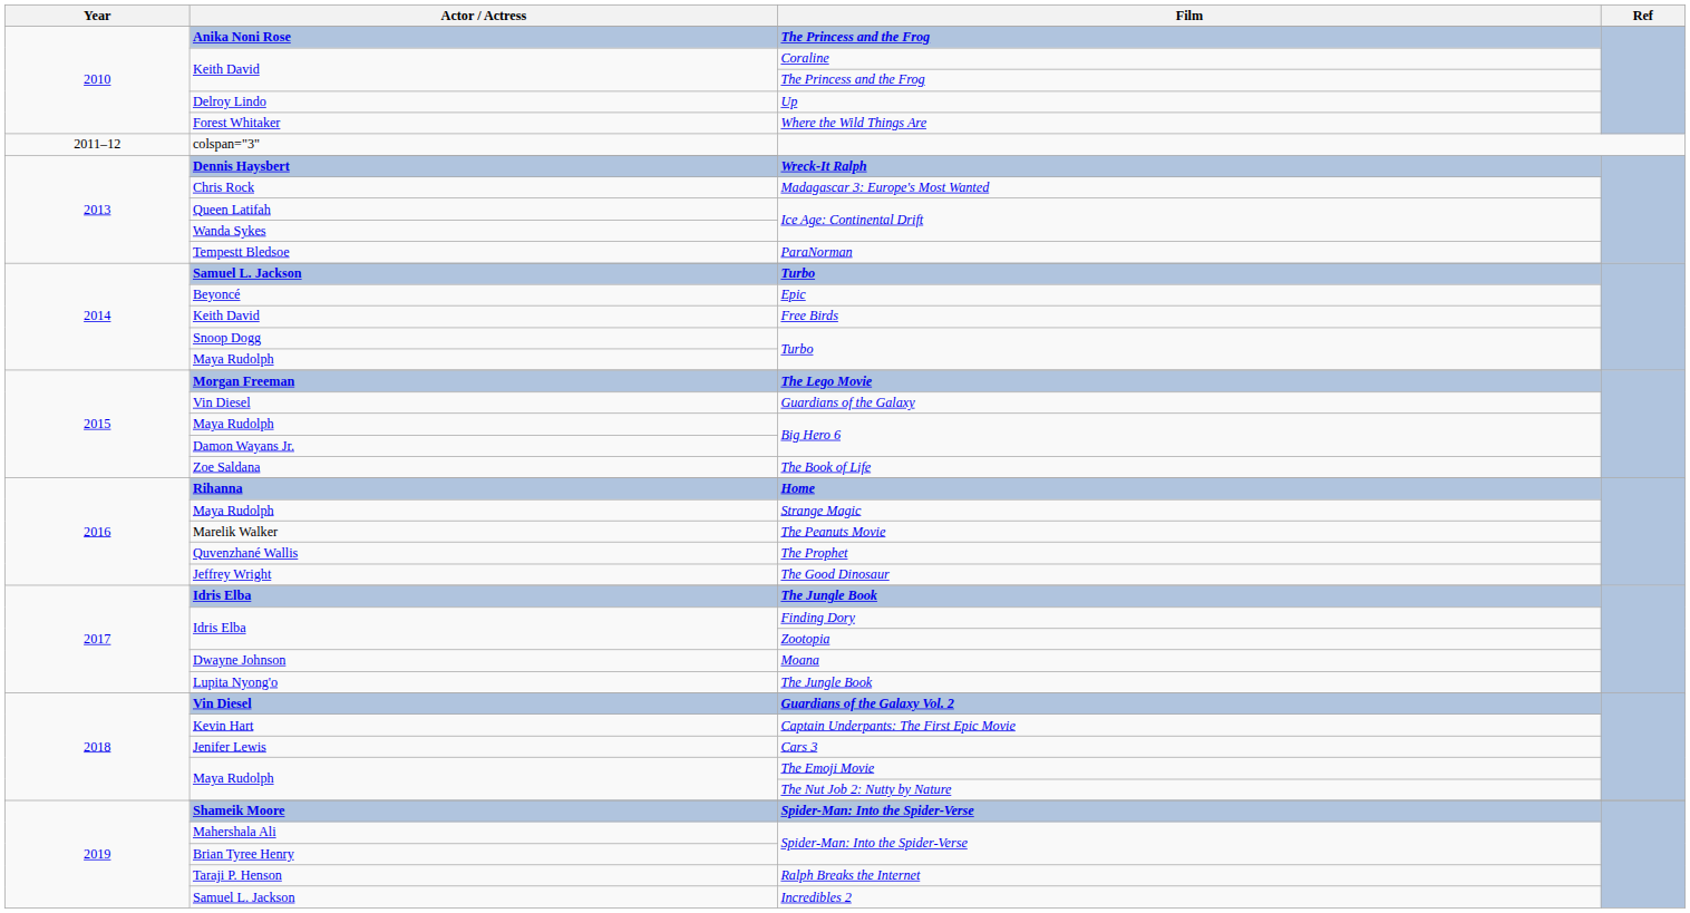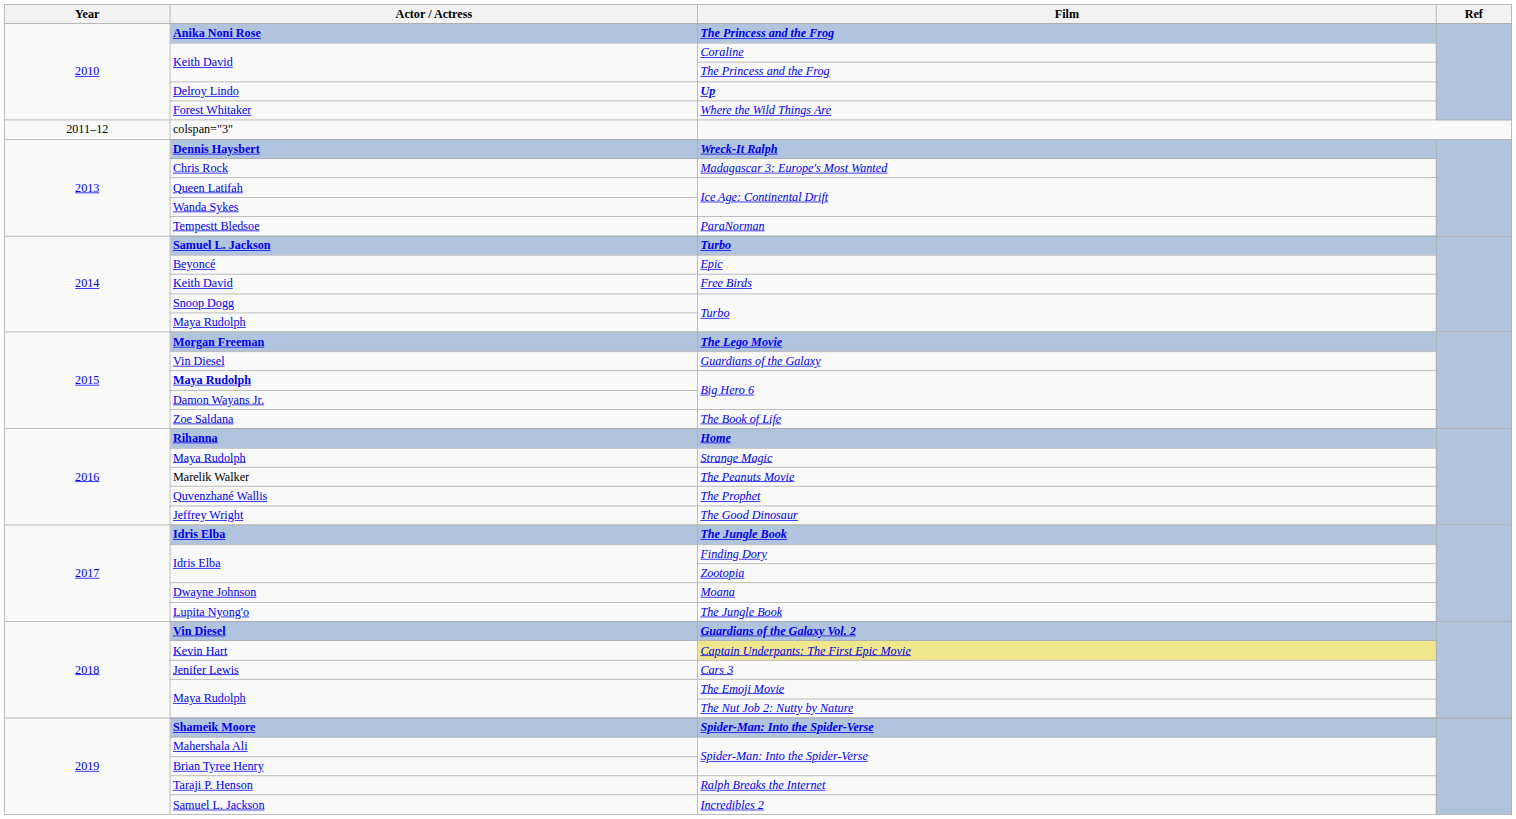 <table class="wikitable" style="width:100%;">
 <tr style="background:#bebebe;">
 <th style="width:11%;">Year</th>
 <th style="width:35%;">Actor / Actress</th>
 <th style="width:49%;">Film</th>
 <th style="width:5%;">Ref</th>
 </tr>
 <tr>
 <td rowspan="6" align="center"><a href='#'>2010</a></td>
 </tr>
 <tr style="background:#B0C4DE">
 <td><strong><a href='#'>Anika Noni Rose</a></strong></td>
 <td><strong><em><a href='#'>The Princess and the Frog</a></em></strong></td>
 <td rowspan="5" align="center"></td>
 </tr>
 <tr>
 <td rowspan="2"><a href='#'>Keith David</a></td>
 <td><em><a href='#'>Coraline</a></em></td>
 </tr>
 <tr>
 <td><em><a href='#'>The Princess and the Frog</a></em></td>
 </tr>
 <tr>
 <td><a href='#'>Delroy Lindo</a></td>
-<td><em><a href='#'>Up</a></em></td>
+<td><strong><em><a href='#'>Up</a></em></strong></td>
 </tr>
 <tr>
 <td><a href='#'>Forest Whitaker</a></td>
 <td><em><a href='#'>Where the Wild Things Are</a></em></td>
 </tr>
 <tr>
 <td align="center">2011–12</td>
 <td>colspan="3" </td>
 </tr>
 <tr>
 <td rowspan="6" align="center"><a href='#'>2013</a></td>
 </tr>
 <tr style="background:#B0C4DE">
 <td><strong><a href='#'>Dennis Haysbert</a></strong></td>
 <td><strong><em><a href='#'>Wreck-It Ralph</a></em></strong></td>
 <td rowspan="6" align="center"></td>
 </tr>
 <tr>
 <td><a href='#'>Chris Rock</a></td>
 <td><em><a href='#'>Madagascar 3: Europe's Most Wanted</a></em></td>
 </tr>
 <tr>
 <td><a href='#'>Queen Latifah</a></td>
 <td rowspan="2"><em><a href='#'>Ice Age: Continental Drift</a></em></td>
 </tr>
 <tr>
 <td><a href='#'>Wanda Sykes</a></td>
 </tr>
 <tr>
 <td><a href='#'>Tempestt Bledsoe</a></td>
 <td><em><a href='#'>ParaNorman</a></em></td>
 </tr>
 <tr>
 <td rowspan="6" align="center"><a href='#'>2014</a></td>
 </tr>
 <tr style="background:#B0C4DE">
 <td><strong><a href='#'>Samuel L. Jackson</a></strong></td>
 <td><strong><em><a href='#'>Turbo</a></em></strong></td>
 <td rowspan="6" align="center"></td>
 </tr>
 <tr>
 <td><a href='#'>Beyoncé</a></td>
 <td><em><a href='#'>Epic</a></em></td>
 </tr>
 <tr>
 <td><a href='#'>Keith David</a></td>
 <td><em><a href='#'>Free Birds</a></em></td>
 </tr>
 <tr>
 <td><a href='#'>Snoop Dogg</a></td>
 <td rowspan="2"><em><a href='#'>Turbo</a></em></td>
 </tr>
 <tr>
 <td><a href='#'>Maya Rudolph</a></td>
 </tr>
 <tr>
 <td rowspan="6" align="center"><a href='#'>2015</a></td>
 </tr>
 <tr style="background:#B0C4DE">
 <td><strong><a href='#'>Morgan Freeman</a></strong></td>
 <td><strong><em><a href='#'>The Lego Movie</a></em></strong></td>
 <td rowspan="6" align="center"></td>
 </tr>
 <tr>
 <td><a href='#'>Vin Diesel</a></td>
 <td><em><a href='#'>Guardians of the Galaxy</a></em></td>
 </tr>
 <tr>
-<td><a href='#'>Maya Rudolph</a></td>
+<td><strong><a href='#'>Maya Rudolph</a></strong></td>
 <td rowspan="2"><em><a href='#'>Big Hero 6</a></em></td>
 </tr>
 <tr>
 <td><a href='#'>Damon Wayans Jr.</a></td>
 </tr>
 <tr>
 <td><a href='#'>Zoe Saldana</a></td>
 <td><em><a href='#'>The Book of Life</a></em></td>
 </tr>
 <tr>
 <td rowspan="6" align="center"><a href='#'>2016</a></td>
 </tr>
 <tr style="background:#B0C4DE">
 <td><strong><a href='#'>Rihanna</a></strong></td>
 <td><strong><em><a href='#'>Home</a></em></strong></td>
 <td rowspan="6" align="center"></td>
 </tr>
 <tr>
 <td><a href='#'>Maya Rudolph</a></td>
 <td><em><a href='#'>Strange Magic</a></em></td>
 </tr>
 <tr>
 <td>Marelik Walker</td>
 <td><em><a href='#'>The Peanuts Movie</a></em></td>
 </tr>
 <tr>
 <td><a href='#'>Quvenzhané Wallis</a></td>
 <td><em><a href='#'>The Prophet</a></em></td>
 </tr>
 <tr>
 <td><a href='#'>Jeffrey Wright</a></td>
 <td><em><a href='#'>The Good Dinosaur</a></em></td>
 </tr>
 <tr>
 <td rowspan="6" align="center"><a href='#'>2017</a></td>
 </tr>
 <tr style="background:#B0C4DE">
 <td><strong><a href='#'>Idris Elba</a></strong></td>
 <td><strong><em><a href='#'>The Jungle Book</a></em></strong></td>
 <td rowspan="6" align="center"></td>
 </tr>
 <tr>
 <td rowspan="2"><a href='#'>Idris Elba</a></td>
 <td><em><a href='#'>Finding Dory</a></em></td>
 </tr>
 <tr>
 <td><em><a href='#'>Zootopia</a></em></td>
 </tr>
 <tr>
 <td><a href='#'>Dwayne Johnson</a></td>
 <td><em><a href='#'>Moana</a></em></td>
 </tr>
 <tr>
 <td><a href='#'>Lupita Nyong'o</a></td>
 <td><em><a href='#'>The Jungle Book</a></em></td>
 </tr>
 <tr>
 <td rowspan="6" align="center"><a href='#'>2018</a></td>
 </tr>
 <tr style="background:#B0C4DE">
 <td><strong><a href='#'>Vin Diesel</a></strong></td>
 <td><strong><em><a href='#'>Guardians of the Galaxy Vol. 2</a></em></strong></td>
 <td rowspan="5" align="center"></td>
 </tr>
 <tr>
 <td><a href='#'>Kevin Hart</a></td>
-<td><em><a href='#'>Captain Underpants: The First Epic Movie</a></em></td>
+<td style="background: khaki;"><em><a href='#'>Captain Underpants: The First Epic Movie</a></em></td>
 </tr>
 <tr>
 <td><a href='#'>Jenifer Lewis</a></td>
 <td><em><a href='#'>Cars 3</a></em></td>
 </tr>
 <tr>
 <td rowspan="2"><a href='#'>Maya Rudolph</a></td>
 <td><em><a href='#'>The Emoji Movie</a></em></td>
 </tr>
 <tr>
 <td><em><a href='#'>The Nut Job 2: Nutty by Nature</a></em></td>
 </tr>
 <tr>
 <td rowspan="6" align="center"><a href='#'>2019</a></td>
 </tr>
 <tr style="background:#B0C4DE">
 <td><strong><a href='#'>Shameik Moore</a></strong></td>
 <td><strong><em><a href='#'>Spider-Man: Into the Spider-Verse</a></em></strong></td>
 <td rowspan="5" align="center"></td>
 </tr>
 <tr>
 <td><a href='#'>Mahershala Ali</a></td>
 <td rowspan="2"><em><a href='#'>Spider-Man: Into the Spider-Verse</a></em></td>
 </tr>
 <tr>
 <td><a href='#'>Brian Tyree Henry</a></td>
 </tr>
 <tr>
 <td><a href='#'>Taraji P. Henson</a></td>
 <td><em><a href='#'>Ralph Breaks the Internet</a></em></td>
 </tr>
 <tr>
 <td><a href='#'>Samuel L. Jackson</a></td>
 <td><em><a href='#'>Incredibles 2</a></em></td>
 </tr>
 </table>
